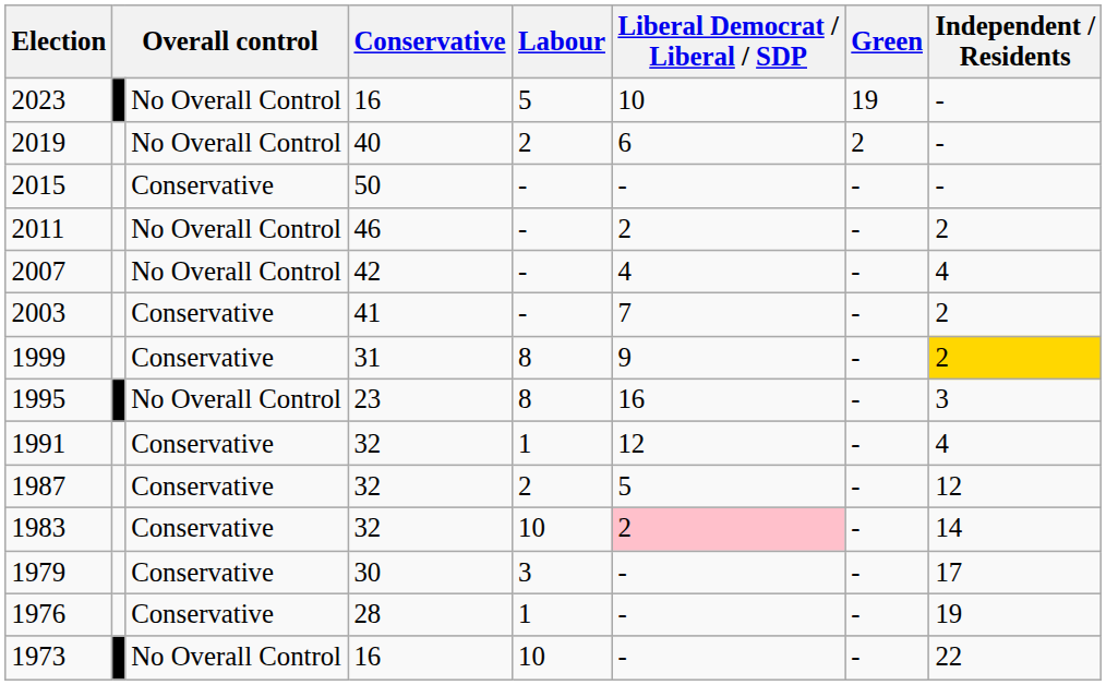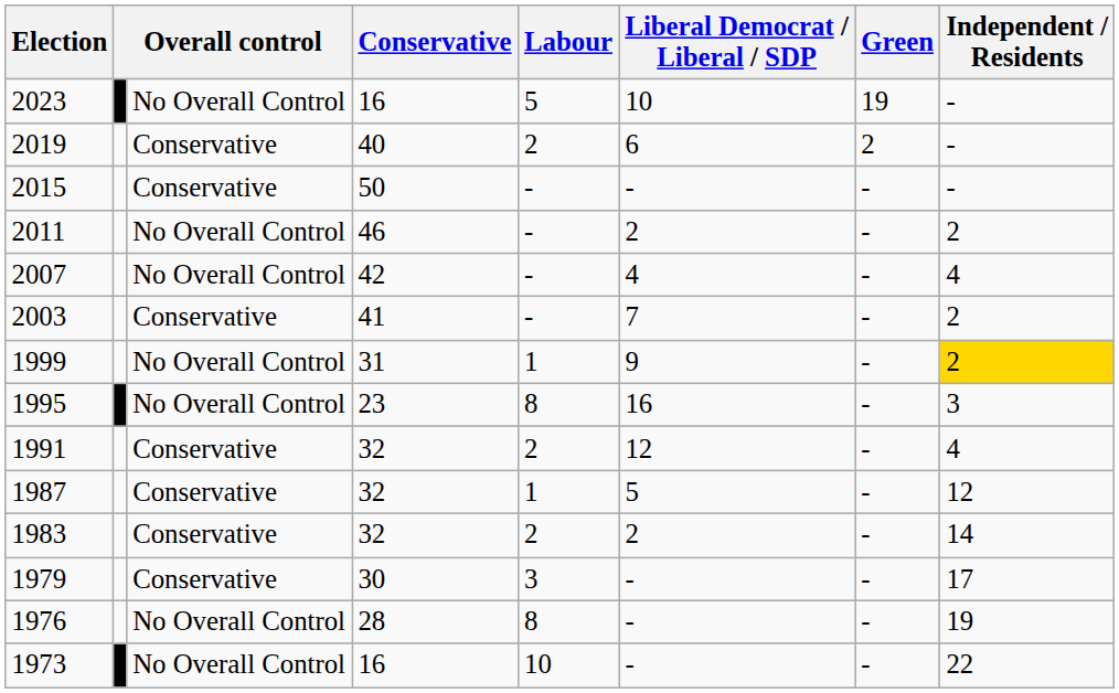 <table class="wikitable">
 <tr>
 <th>Election</th>
 <th colspan="2">Overall control</th>
 <th><a href='#'>Conservative</a></th>
 <th><a href='#'>Labour</a></th>
 <th><a href='#'>Liberal Democrat</a> /<br><a href='#'>Liberal</a> / <a href='#'>SDP</a></th>
 <th><a href='#'>Green</a></th>
 <th>Independent /<br>Residents</th>
 </tr>
 <tr>
 <td>2023</td>
 <td bgcolor="black"></td>
 <td>No Overall Control</td>
 <td>16</td>
 <td>5</td>
 <td>10</td>
 <td>19</td>
 <td>-</td>
 </tr>
 <tr>
 <td>2019</td>
 <td style="color:inherit;background:"></td>
-<td>No Overall Control</td>
+<td>Conservative</td>
 <td>40</td>
 <td>2</td>
 <td>6</td>
 <td>2</td>
 <td>-</td>
 </tr>
 <tr>
 <td>2015</td>
 <td style="color:inherit;background:"></td>
 <td>Conservative</td>
 <td>50</td>
 <td>-</td>
 <td>-</td>
 <td>-</td>
 <td>-</td>
 </tr>
 <tr>
 <td>2011</td>
 <td style="color:inherit;background:"></td>
 <td>No Overall Control</td>
 <td>46</td>
 <td>-</td>
 <td>2</td>
 <td>-</td>
 <td>2</td>
 </tr>
 <tr>
 <td>2007</td>
 <td style="color:inherit;background:"></td>
 <td>No Overall Control</td>
 <td>42</td>
 <td>-</td>
 <td>4</td>
 <td>-</td>
 <td>4</td>
 </tr>
 <tr>
 <td>2003</td>
 <td style="color:inherit;background:"></td>
 <td>Conservative</td>
 <td>41</td>
 <td>-</td>
 <td>7</td>
 <td>-</td>
 <td>2</td>
 </tr>
 <tr>
 <td>1999</td>
 <td style="color:inherit;background:"></td>
-<td>Conservative</td>
+<td>No Overall Control</td>
 <td>31</td>
-<td>8</td>
+<td>1</td>
 <td>9</td>
 <td>-</td>
 <td style="background: gold;">2</td>
 </tr>
 <tr>
 <td>1995</td>
 <td style="color:inherit;background:black"></td>
 <td>No Overall Control</td>
 <td>23</td>
 <td>8</td>
 <td>16</td>
 <td>-</td>
 <td>3</td>
 </tr>
 <tr>
 <td>1991</td>
 <td style="color:inherit;background:"></td>
 <td>Conservative</td>
 <td>32</td>
-<td>1</td>
+<td>2</td>
 <td>12</td>
 <td>-</td>
 <td>4</td>
 </tr>
 <tr>
 <td>1987</td>
 <td style="color:inherit;background:"></td>
 <td>Conservative</td>
 <td>32</td>
-<td>2</td>
+<td>1</td>
 <td>5</td>
 <td>-</td>
 <td>12</td>
 </tr>
 <tr>
 <td>1983</td>
 <td style="color:inherit;background:"></td>
 <td>Conservative</td>
 <td>32</td>
-<td>10</td>
-<td style="background: pink;">2</td>
+<td>2</td>
+<td>2</td>
 <td>-</td>
 <td>14</td>
 </tr>
 <tr>
 <td>1979</td>
 <td style="color:inherit;background:"></td>
 <td>Conservative</td>
 <td>30</td>
 <td>3</td>
 <td>-</td>
 <td>-</td>
 <td>17</td>
 </tr>
 <tr>
 <td>1976</td>
 <td style="color:inherit;background:"></td>
-<td>Conservative</td>
+<td>No Overall Control</td>
 <td>28</td>
-<td>1</td>
+<td>8</td>
 <td>-</td>
 <td>-</td>
 <td>19</td>
 </tr>
 <tr>
 <td>1973</td>
 <td style="color:inherit;background:black"></td>
 <td>No Overall Control</td>
 <td>16</td>
 <td>10</td>
 <td>-</td>
 <td>-</td>
 <td>22</td>
 </tr>
 </table>
